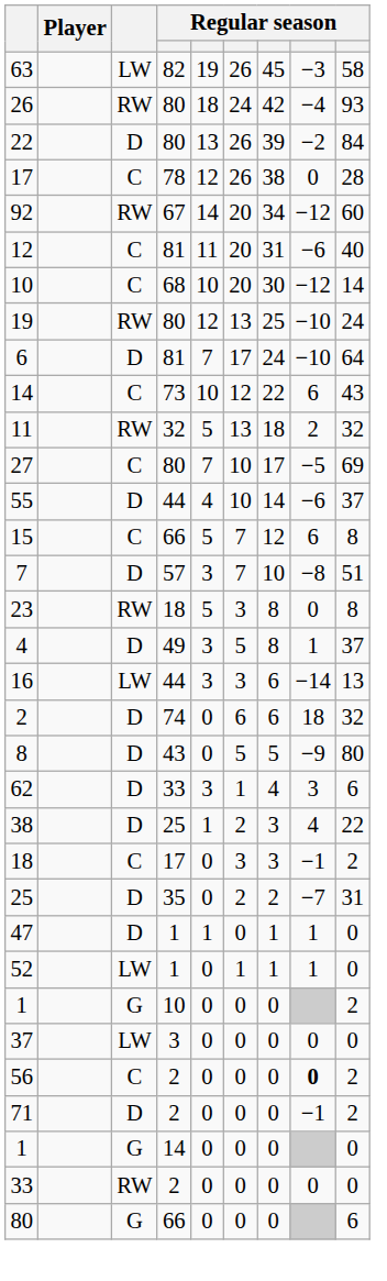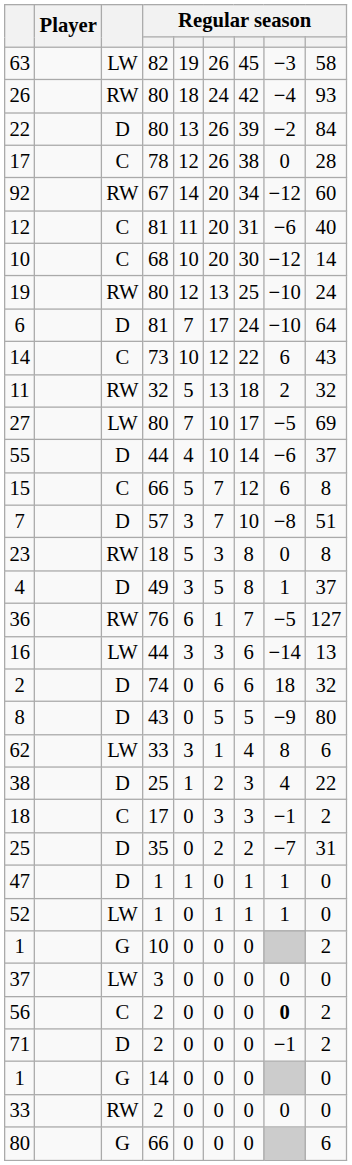 <table class="wikitable sortable plainrowheaders" style="text-align:center;">
 <tr>
 <th scope="col" data-sort-type="number" rowspan="2"></th>
 <th scope="col" rowspan="2">Player</th>
 <th scope="col" rowspan="2"></th>
 <th scope=colgroup colspan=6>Regular season</th>
 </tr>
 <tr>
 <th scope="col" data-sort-type="number"></th>
 <th scope="col" data-sort-type="number"></th>
 <th scope="col" data-sort-type="number"></th>
 <th scope="col" data-sort-type="number"></th>
 <th scope="col" data-sort-type="number"></th>
 <th scope="col" data-sort-type="number"></th>
 </tr>
 <tr>
 <td scope="row">63</td>
 <td align="left"></td>
 <td>LW</td>
 <td>82</td>
 <td>19</td>
 <td>26</td>
 <td>45</td>
 <td>−3</td>
 <td>58</td>
 </tr>
 <tr>
 <td scope="row">26</td>
 <td align="left"></td>
 <td>RW</td>
 <td>80</td>
 <td>18</td>
 <td>24</td>
 <td>42</td>
 <td>−4</td>
 <td>93</td>
 </tr>
 <tr>
 <td scope="row">22</td>
 <td align="left"></td>
 <td>D</td>
 <td>80</td>
 <td>13</td>
 <td>26</td>
 <td>39</td>
 <td>−2</td>
 <td>84</td>
 </tr>
 <tr>
 <td scope="row">17</td>
 <td align="left"></td>
 <td>C</td>
 <td>78</td>
 <td>12</td>
 <td>26</td>
 <td>38</td>
 <td>0</td>
 <td>28</td>
 </tr>
 <tr>
 <td scope="row">92</td>
 <td align="left"></td>
 <td>RW</td>
 <td>67</td>
 <td>14</td>
 <td>20</td>
 <td>34</td>
 <td>−12</td>
 <td>60</td>
 </tr>
 <tr>
 <td scope="row">12</td>
 <td align="left"></td>
 <td>C</td>
 <td>81</td>
 <td>11</td>
 <td>20</td>
 <td>31</td>
 <td>−6</td>
 <td>40</td>
 </tr>
 <tr>
 <td scope="row">10</td>
 <td align="left"></td>
 <td>C</td>
 <td>68</td>
 <td>10</td>
 <td>20</td>
 <td>30</td>
 <td>−12</td>
 <td>14</td>
 </tr>
 <tr>
 <td scope="row">19</td>
 <td align="left"></td>
 <td>RW</td>
 <td>80</td>
 <td>12</td>
 <td>13</td>
 <td>25</td>
 <td>−10</td>
 <td>24</td>
 </tr>
 <tr>
 <td scope="row">6</td>
 <td align="left"></td>
 <td>D</td>
 <td>81</td>
 <td>7</td>
 <td>17</td>
 <td>24</td>
 <td>−10</td>
 <td>64</td>
 </tr>
 <tr>
 <td scope="row">14</td>
 <td align="left"></td>
 <td>C</td>
 <td>73</td>
 <td>10</td>
 <td>12</td>
 <td>22</td>
 <td>6</td>
 <td>43</td>
 </tr>
 <tr>
 <td scope="row">11</td>
 <td align="left"></td>
 <td>RW</td>
 <td>32</td>
 <td>5</td>
 <td>13</td>
 <td>18</td>
 <td>2</td>
 <td>32</td>
 </tr>
 <tr>
 <td scope="row">27</td>
 <td align="left"></td>
-<td>C</td>
+<td>LW</td>
 <td>80</td>
 <td>7</td>
 <td>10</td>
 <td>17</td>
 <td>−5</td>
 <td>69</td>
 </tr>
 <tr>
 <td scope="row">55</td>
 <td align="left"></td>
 <td>D</td>
 <td>44</td>
 <td>4</td>
 <td>10</td>
 <td>14</td>
 <td>−6</td>
 <td>37</td>
 </tr>
 <tr>
 <td scope="row">15</td>
 <td align="left"></td>
 <td>C</td>
 <td>66</td>
 <td>5</td>
 <td>7</td>
 <td>12</td>
 <td>6</td>
 <td>8</td>
 </tr>
 <tr>
 <td scope="row">7</td>
 <td align="left"></td>
 <td>D</td>
 <td>57</td>
 <td>3</td>
 <td>7</td>
 <td>10</td>
 <td>−8</td>
 <td>51</td>
 </tr>
 <tr>
 <td scope="row">23</td>
 <td align="left"></td>
 <td>RW</td>
 <td>18</td>
 <td>5</td>
 <td>3</td>
 <td>8</td>
 <td>0</td>
 <td>8</td>
 </tr>
 <tr>
 <td scope="row">4</td>
 <td align="left"></td>
 <td>D</td>
 <td>49</td>
 <td>3</td>
 <td>5</td>
 <td>8</td>
 <td>1</td>
 <td>37</td>
 </tr>
 <tr>
+<td scope="row">36</td>
+<td align="left"></td>
+<td>RW</td>
+<td>76</td>
+<td>6</td>
+<td>1</td>
+<td>7</td>
+<td>−5</td>
+<td>127</td>
+</tr>
+<tr>
 <td scope="row">16</td>
 <td align="left"></td>
 <td>LW</td>
 <td>44</td>
 <td>3</td>
 <td>3</td>
 <td>6</td>
 <td>−14</td>
 <td>13</td>
 </tr>
 <tr>
 <td scope="row">2</td>
 <td align="left"></td>
 <td>D</td>
 <td>74</td>
 <td>0</td>
 <td>6</td>
 <td>6</td>
 <td>18</td>
 <td>32</td>
 </tr>
 <tr>
 <td scope="row">8</td>
 <td align="left"></td>
 <td>D</td>
 <td>43</td>
 <td>0</td>
 <td>5</td>
 <td>5</td>
 <td>−9</td>
 <td>80</td>
 </tr>
 <tr>
 <td scope="row">62</td>
 <td align="left"></td>
-<td>D</td>
+<td>LW</td>
 <td>33</td>
 <td>3</td>
 <td>1</td>
 <td>4</td>
-<td>3</td>
+<td>8</td>
 <td>6</td>
 </tr>
 <tr>
 <td scope="row">38</td>
 <td align="left"></td>
 <td>D</td>
 <td>25</td>
 <td>1</td>
 <td>2</td>
 <td>3</td>
 <td>4</td>
 <td>22</td>
 </tr>
 <tr>
 <td scope="row">18</td>
 <td align="left"></td>
 <td>C</td>
 <td>17</td>
 <td>0</td>
 <td>3</td>
 <td>3</td>
 <td>−1</td>
 <td>2</td>
 </tr>
 <tr>
 <td scope="row">25</td>
 <td align="left"></td>
 <td>D</td>
 <td>35</td>
 <td>0</td>
 <td>2</td>
 <td>2</td>
 <td>−7</td>
 <td>31</td>
 </tr>
 <tr>
 <td scope="row">47</td>
 <td align="left"></td>
 <td>D</td>
 <td>1</td>
 <td>1</td>
 <td>0</td>
 <td>1</td>
 <td>1</td>
 <td>0</td>
 </tr>
 <tr>
 <td scope="row">52</td>
 <td align="left"></td>
 <td>LW</td>
 <td>1</td>
 <td>0</td>
 <td>1</td>
 <td>1</td>
 <td>1</td>
 <td>0</td>
 </tr>
 <tr>
 <td scope="row">1</td>
 <td align="left"></td>
 <td>G</td>
 <td>10</td>
 <td>0</td>
 <td>0</td>
 <td>0</td>
 <td style="background:#ccc"></td>
 <td>2</td>
 </tr>
 <tr>
 <td scope="row">37</td>
 <td align="left"></td>
 <td>LW</td>
 <td>3</td>
 <td>0</td>
 <td>0</td>
 <td>0</td>
 <td>0</td>
 <td>0</td>
 </tr>
 <tr>
 <td scope="row">56</td>
 <td align="left"></td>
 <td>C</td>
 <td>2</td>
 <td>0</td>
 <td>0</td>
 <td>0</td>
 <td><strong>0</strong></td>
 <td>2</td>
 </tr>
 <tr>
 <td scope="row">71</td>
 <td align="left"></td>
 <td>D</td>
 <td>2</td>
 <td>0</td>
 <td>0</td>
 <td>0</td>
 <td>−1</td>
 <td>2</td>
 </tr>
 <tr>
 <td scope="row">1</td>
 <td align="left"></td>
 <td>G</td>
 <td>14</td>
 <td>0</td>
 <td>0</td>
 <td>0</td>
 <td style="background:#ccc"></td>
 <td>0</td>
 </tr>
 <tr>
 <td scope="row">33</td>
 <td align="left"></td>
 <td>RW</td>
 <td>2</td>
 <td>0</td>
 <td>0</td>
 <td>0</td>
 <td>0</td>
 <td>0</td>
 </tr>
 <tr>
 <td scope="row">80</td>
 <td align="left"></td>
 <td>G</td>
 <td>66</td>
 <td>0</td>
 <td>0</td>
 <td>0</td>
 <td style="background:#ccc"></td>
 <td>6</td>
 </tr>
 </table>
